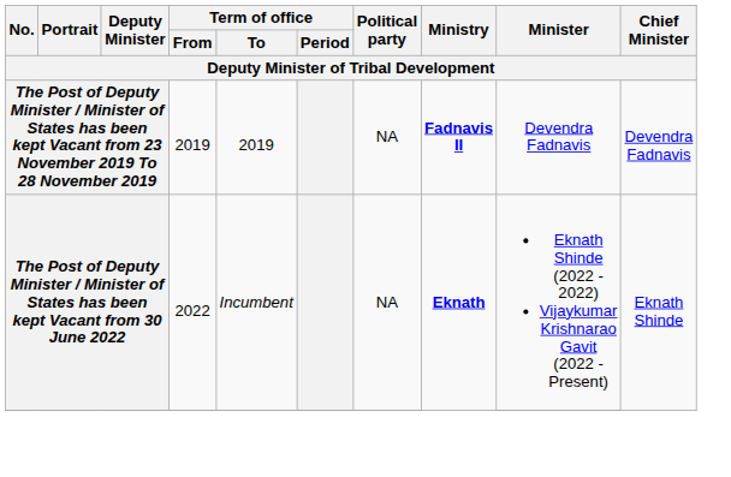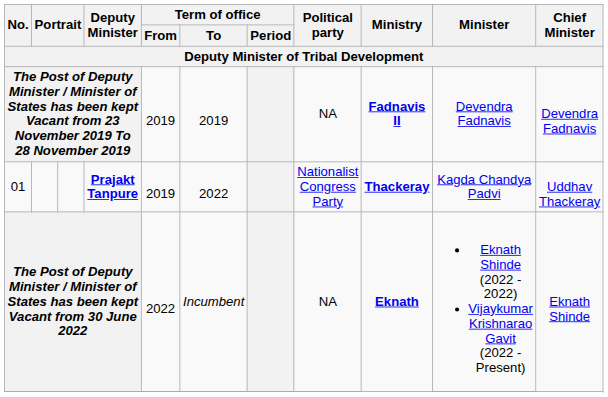 <table class="wikitable" style="text-align:center">
 <tr>
 <th rowspan="2">No.</th>
 <th rowspan="2" colspan="2">Portrait</th>
 <th rowspan="2" style="width:16em">Deputy Minister<br></th>
 <th colspan="3">Term of office</th>
 <th rowspan="2" style="width:8em">Political party</th>
 <th rowspan="2">Ministry</th>
 <th rowspan="2" style="width:9em">Minister</th>
 <th rowspan="2" style="width:9em">Chief Minister</th>
 </tr>
 <tr>
 <th style="width:6em">From</th>
 <th style="width:6em">To</th>
 <th>Period</th>
 </tr>
 <tr>
 <th colspan="11">Deputy Minister of Tribal Development</th>
 </tr>
 <tr>
 <th colspan="04"><strong><em>The Post of Deputy Minister / Minister of States has been kept Vacant from 23 November 2019 To 28 November 2019</em></strong></th>
 <td><br>2019</td>
 <td><br>2019</td>
 <th></th>
 <td>NA</td>
 <td rowspan="1"><a href='#'><strong>Fadnavis II</strong></a></td>
 <td><a href='#'>Devendra Fadnavis</a></td>
 <td rowspan="1"> <br><a href='#'>Devendra Fadnavis</a></td>
 </tr>
 <tr>
+<td>01</td>
+<td style="color:inherit;background:"></td>
+<td></td>
+<td><strong><a href='#'>Prajakt Tanpure</a></strong> <br> </td>
+<td><br>2019</td>
+<td><br>2022</td>
+<th></th>
+<td><a href='#'>Nationalist Congress Party</a></td>
+<td rowspan="1"><a href='#'><strong>Thackeray</strong></a></td>
+<td><a href='#'>Kagda Chandya Padvi</a></td>
+<td rowspan="1"> <br><a href='#'>Uddhav Thackeray</a></td>
+</tr>
+<tr>
 <th colspan="04"><strong><em>The Post of Deputy Minister / Minister of States has been kept Vacant from 30 June 2022</em></strong></th>
 <td><br>2022</td>
 <td><em>Incumbent</em></td>
 <th></th>
 <td>NA</td>
 <td rowspan="2"><a href='#'><strong>Eknath</strong></a></td>
 <td><br><ul><li><a href='#'>Eknath Shinde</a><br>(2022 - 2022)</li><li><a href='#'>Vijaykumar Krishnarao Gavit</a><br> (2022 - Present)</li></ul></td>
 <td rowspan="2"> <br><a href='#'>Eknath Shinde</a></td>
 </tr>
 <tr>
 </tr>
 </table>
